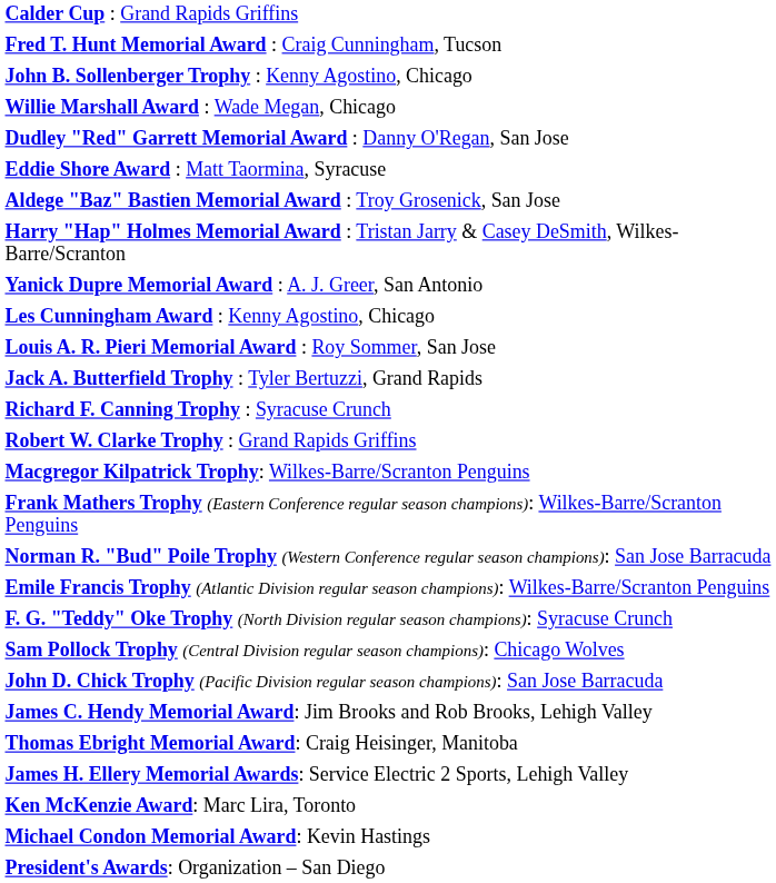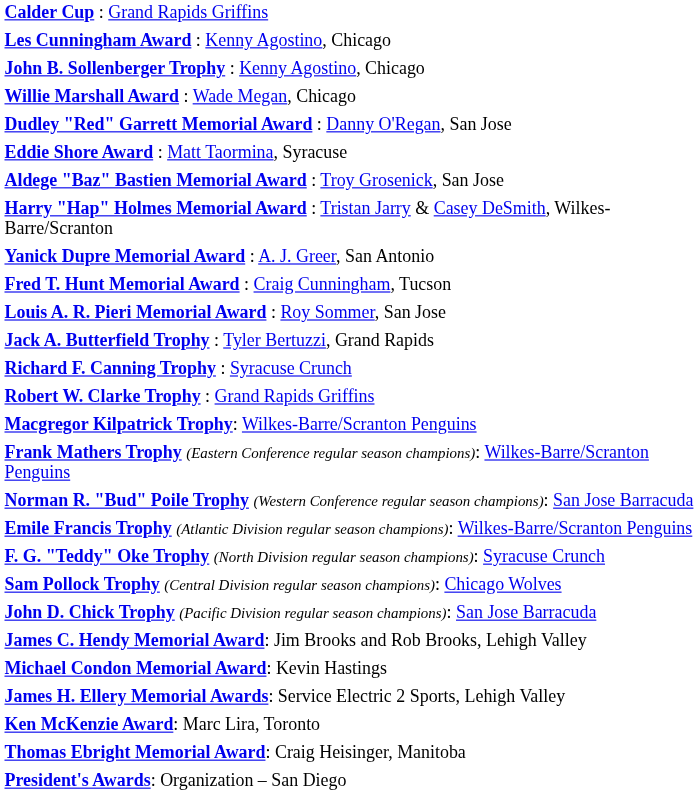 <table cellpadding="3" cellspacing="1">
 <tr>
 <td><strong><a href='#'>Calder Cup</a> </strong>: <a href='#'>Grand Rapids Griffins</a></td>
 </tr>
 <tr>
-<td><strong><a href='#'>Fred T. Hunt Memorial Award</a> </strong>: <a href='#'>Craig Cunningham</a>, Tucson</td>
+<td><strong><a href='#'>Les Cunningham Award</a> </strong>: <a href='#'>Kenny Agostino</a>, Chicago</td>
 </tr>
 <tr>
 <td><strong><a href='#'>John B. Sollenberger Trophy</a> </strong>: <a href='#'>Kenny Agostino</a>, Chicago</td>
 </tr>
 <tr>
 <td><strong><a href='#'>Willie Marshall Award</a> </strong>: <a href='#'>Wade Megan</a>, Chicago</td>
 </tr>
 <tr>
 <td><strong><a href='#'>Dudley "Red" Garrett Memorial Award</a> </strong>: <a href='#'>Danny O'Regan</a>, San Jose</td>
 </tr>
 <tr>
 <td><strong><a href='#'>Eddie Shore Award</a> </strong>: <a href='#'>Matt Taormina</a>, Syracuse</td>
 </tr>
 <tr>
 <td><strong><a href='#'>Aldege "Baz" Bastien Memorial Award</a> </strong>: <a href='#'>Troy Grosenick</a>, San Jose</td>
 </tr>
 <tr>
 <td><strong><a href='#'>Harry "Hap" Holmes Memorial Award</a> </strong>: <a href='#'>Tristan Jarry</a> & <a href='#'>Casey DeSmith</a>, Wilkes-Barre/Scranton</td>
 </tr>
 <tr>
 <td><strong><a href='#'>Yanick Dupre Memorial Award</a> </strong>: <a href='#'>A. J. Greer</a>, San Antonio</td>
 </tr>
 <tr>
-<td><strong><a href='#'>Les Cunningham Award</a> </strong>: <a href='#'>Kenny Agostino</a>, Chicago</td>
+<td><strong><a href='#'>Fred T. Hunt Memorial Award</a> </strong>: <a href='#'>Craig Cunningham</a>, Tucson</td>
 </tr>
 <tr>
 <td><strong><a href='#'>Louis A. R. Pieri Memorial Award</a> </strong>: <a href='#'>Roy Sommer</a>, San Jose</td>
 </tr>
 <tr>
 <td><strong><a href='#'>Jack A. Butterfield Trophy</a> </strong>: <a href='#'>Tyler Bertuzzi</a>, Grand Rapids</td>
 </tr>
 <tr>
 <td><strong><a href='#'>Richard F. Canning Trophy</a> </strong>: <a href='#'>Syracuse Crunch</a></td>
 </tr>
 <tr>
 <td><strong><a href='#'>Robert W. Clarke Trophy</a> </strong>: <a href='#'>Grand Rapids Griffins</a></td>
 </tr>
 <tr>
 <td><strong><a href='#'>Macgregor Kilpatrick Trophy</a></strong>: <a href='#'>Wilkes-Barre/Scranton Penguins</a></td>
 </tr>
 <tr>
 <td><strong><a href='#'>Frank Mathers Trophy</a></strong> <small><em>(Eastern Conference regular season champions)</em></small>: <a href='#'>Wilkes-Barre/Scranton Penguins</a></td>
 </tr>
 <tr>
 <td><strong><a href='#'>Norman R. "Bud" Poile Trophy</a></strong> <small><em>(Western Conference regular season champions)</em></small>: <a href='#'>San Jose Barracuda</a></td>
 </tr>
 <tr>
 <td><strong><a href='#'>Emile Francis Trophy</a> </strong> <small><em>(Atlantic Division regular season champions)</em></small>: <a href='#'>Wilkes-Barre/Scranton Penguins</a></td>
 </tr>
 <tr>
 <td><strong><a href='#'>F. G. "Teddy" Oke Trophy</a></strong> <small><em>(North Division regular season champions)</em></small>: <a href='#'>Syracuse Crunch</a></td>
 </tr>
 <tr>
 <td><strong><a href='#'>Sam Pollock Trophy</a></strong> <small><em>(Central Division regular season champions)</em></small>: <a href='#'>Chicago Wolves</a></td>
 </tr>
 <tr>
 <td><strong><a href='#'>John D. Chick Trophy</a></strong> <small><em>(Pacific Division regular season champions)</em></small>: <a href='#'>San Jose Barracuda</a></td>
 </tr>
 <tr>
 <td><strong><a href='#'>James C. Hendy Memorial Award</a></strong>: Jim Brooks and Rob Brooks, Lehigh Valley</td>
 </tr>
 <tr>
-<td><strong><a href='#'>Thomas Ebright Memorial Award</a></strong>: Craig Heisinger, Manitoba</td>
+<td><strong><a href='#'>Michael Condon Memorial Award</a></strong>: Kevin Hastings</td>
 </tr>
 <tr>
 <td><strong><a href='#'>James H. Ellery Memorial Awards</a></strong>: Service Electric 2 Sports, Lehigh Valley</td>
 </tr>
 <tr>
 <td><strong><a href='#'>Ken McKenzie Award</a></strong>: Marc Lira, Toronto</td>
 </tr>
 <tr>
-<td><strong><a href='#'>Michael Condon Memorial Award</a></strong>: Kevin Hastings</td>
+<td><strong><a href='#'>Thomas Ebright Memorial Award</a></strong>: Craig Heisinger, Manitoba</td>
 </tr>
 <tr>
 <td><strong><a href='#'>President's Awards</a></strong>: Organization – San Diego</td>
 </tr>
 </table>
